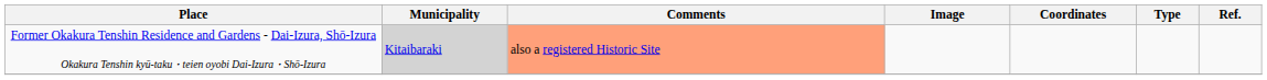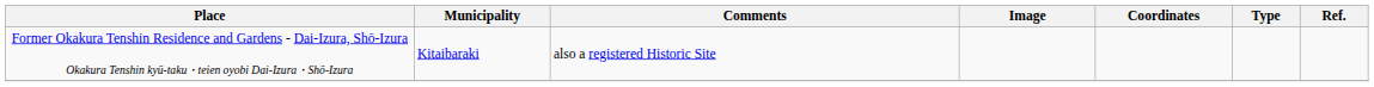 <table class="wikitable sortable"  style="width:100%;">
 <tr>
 <th width="30%" align="left">Place</th>
 <th width="10%" align="left">Municipality</th>
 <th width="30%" align="left" class="unsortable">Comments</th>
 <th width="10%" align="left"  class="unsortable">Image</th>
 <th width="10%" align="left" class="unsortable">Coordinates</th>
 <th width="5%" align="left">Type</th>
 <th width="5%" align="left"  class="unsortable">Ref.</th>
 </tr>
 <tr>
 <td align="center"><a href='#'>Former Okakura Tenshin Residence and Gardens</a> - <a href='#'>Dai-Izura, Shō-Izura</a><br><br><small><em>Okakura Tenshin kyū-taku・teien oyobi Dai-Izura・Shō-Izura</em></small></td>
-<td style="background: lightgrey;"><a href='#'>Kitaibaraki</a></td>
-<td style="background: lightsalmon;">also a <a href='#'>registered Historic Site</a></td>
+<td><a href='#'>Kitaibaraki</a></td>
+<td>also a <a href='#'>registered Historic Site</a></td>
 <td></td>
 <td></td>
 <td></td>
 <td></td>
 </tr>
 <tr>
 </tr>
 </table>
